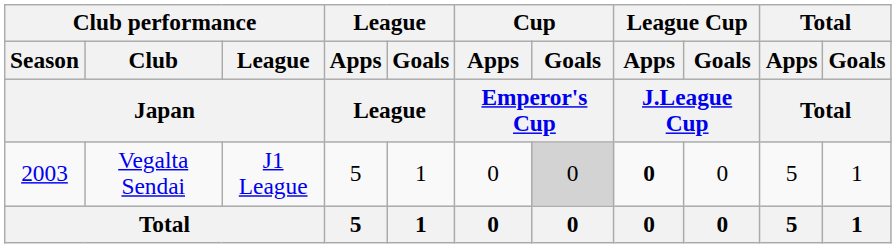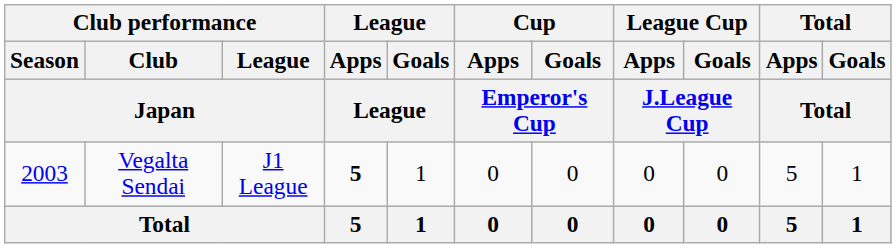 <table class="wikitable" style="text-align:center;">
 <tr>
 <th colspan=3>Club performance</th>
 <th colspan=2>League</th>
 <th colspan=2>Cup</th>
 <th colspan=2>League Cup</th>
 <th colspan=2>Total</th>
 </tr>
 <tr>
 <th>Season</th>
 <th>Club</th>
 <th>League</th>
 <th>Apps</th>
 <th>Goals</th>
 <th>Apps</th>
 <th>Goals</th>
 <th>Apps</th>
 <th>Goals</th>
 <th>Apps</th>
 <th>Goals</th>
 </tr>
 <tr>
 <th colspan=3>Japan</th>
 <th colspan=2>League</th>
 <th colspan=2><a href='#'>Emperor's Cup</a></th>
 <th colspan=2><a href='#'>J.League Cup</a></th>
 <th colspan=2>Total</th>
 </tr>
 <tr>
 <td><a href='#'>2003</a></td>
 <td><a href='#'>Vegalta Sendai</a></td>
 <td><a href='#'>J1 League</a></td>
-<td>5</td>
+<td><strong>5</strong></td>
 <td>1</td>
 <td>0</td>
-<td style="background: lightgrey;">0</td>
-<td><strong>0</strong></td>
+<td>0</td>
+<td>0</td>
 <td>0</td>
 <td>5</td>
 <td>1</td>
 </tr>
 <tr>
 <th colspan=3>Total</th>
 <th>5</th>
 <th>1</th>
 <th>0</th>
 <th>0</th>
 <th>0</th>
 <th>0</th>
 <th>5</th>
 <th>1</th>
 </tr>
 </table>
